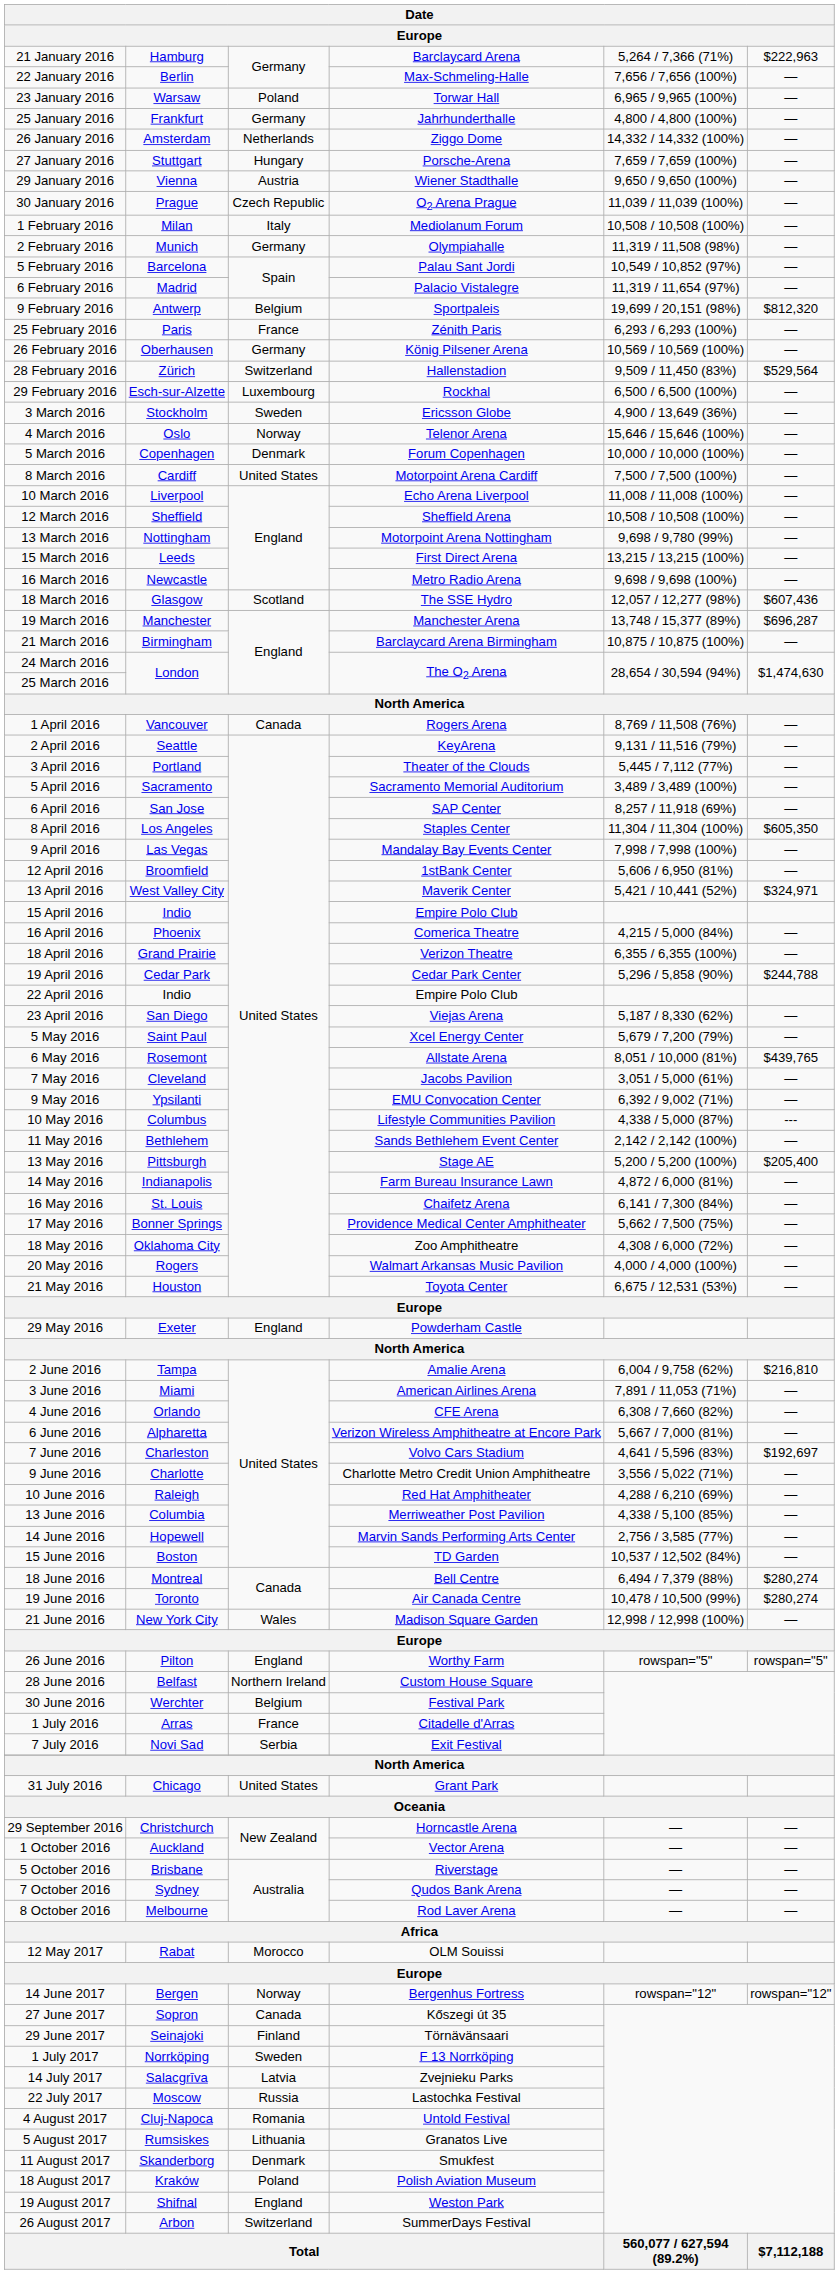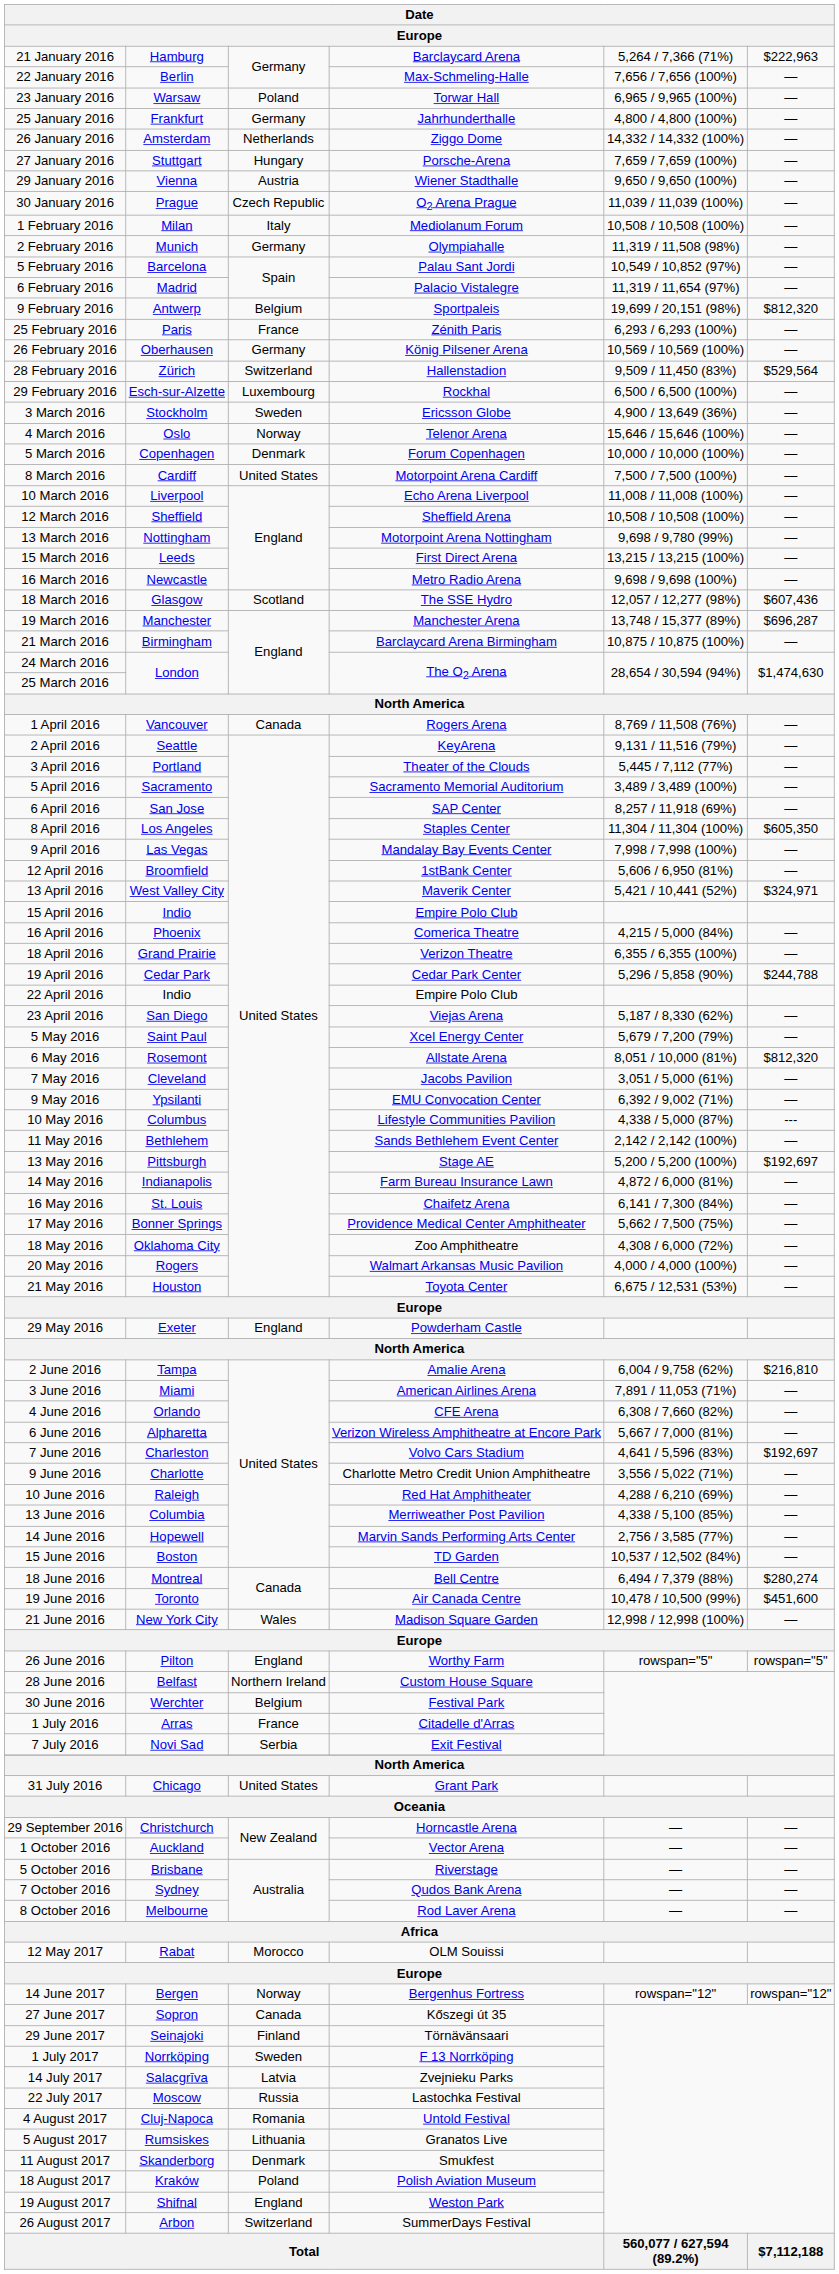 <table class="wikitable" style="text-align:center;">
 <tr>
 <th colspan="6">Date</th>
 </tr>
 <tr>
 <th colspan="6"><strong>Europe</strong></th>
 </tr>
 <tr>
 <td>21 January 2016</td>
 <td><a href='#'>Hamburg</a></td>
 <td rowspan="2">Germany</td>
 <td><a href='#'>Barclaycard Arena</a></td>
 <td>5,264 / 7,366 (71%)</td>
 <td>$222,963</td>
 </tr>
 <tr>
 <td>22 January 2016</td>
 <td><a href='#'>Berlin</a></td>
 <td><a href='#'>Max-Schmeling-Halle</a></td>
 <td>7,656 / 7,656 (100%)</td>
 <td>—</td>
 </tr>
 <tr>
 <td>23 January 2016</td>
 <td><a href='#'>Warsaw</a></td>
 <td>Poland</td>
 <td><a href='#'>Torwar Hall</a></td>
 <td>6,965 / 9,965 (100%)</td>
 <td>—</td>
 </tr>
 <tr>
 <td>25 January 2016</td>
 <td><a href='#'>Frankfurt</a></td>
 <td>Germany</td>
 <td><a href='#'>Jahrhunderthalle</a></td>
 <td>4,800 / 4,800 (100%)</td>
 <td>—</td>
 </tr>
 <tr>
 <td>26 January 2016</td>
 <td><a href='#'>Amsterdam</a></td>
 <td>Netherlands</td>
 <td><a href='#'>Ziggo Dome</a></td>
 <td>14,332 / 14,332 (100%)</td>
 <td>—</td>
 </tr>
 <tr>
 <td>27 January 2016</td>
 <td><a href='#'>Stuttgart</a></td>
 <td>Hungary</td>
 <td><a href='#'>Porsche-Arena</a></td>
 <td>7,659 / 7,659 (100%)</td>
 <td>—</td>
 </tr>
 <tr>
 <td>29 January 2016</td>
 <td><a href='#'>Vienna</a></td>
 <td>Austria</td>
 <td><a href='#'>Wiener Stadthalle</a></td>
 <td>9,650 / 9,650 (100%)</td>
 <td>—</td>
 </tr>
 <tr>
 <td>30 January 2016</td>
 <td><a href='#'>Prague</a></td>
 <td>Czech Republic</td>
 <td><a href='#'>O<sub>2</sub> Arena Prague</a></td>
 <td>11,039 / 11,039 (100%)</td>
 <td>—</td>
 </tr>
 <tr>
 <td>1 February 2016</td>
 <td><a href='#'>Milan</a></td>
 <td>Italy</td>
 <td><a href='#'>Mediolanum Forum</a></td>
 <td>10,508 / 10,508 (100%)</td>
 <td>—</td>
 </tr>
 <tr>
 <td>2 February 2016</td>
 <td><a href='#'>Munich</a></td>
 <td>Germany</td>
 <td><a href='#'>Olympiahalle</a></td>
 <td>11,319 / 11,508 (98%)</td>
 <td>—</td>
 </tr>
 <tr>
 <td>5 February 2016</td>
 <td><a href='#'>Barcelona</a></td>
 <td rowspan="2">Spain</td>
 <td><a href='#'>Palau Sant Jordi</a></td>
 <td>10,549 / 10,852 (97%)</td>
 <td>—</td>
 </tr>
 <tr>
 <td>6 February 2016</td>
 <td><a href='#'>Madrid</a></td>
 <td><a href='#'>Palacio Vistalegre</a></td>
 <td>11,319 / 11,654 (97%)</td>
 <td>—</td>
 </tr>
 <tr>
 <td>9 February 2016</td>
 <td><a href='#'>Antwerp</a></td>
 <td>Belgium</td>
 <td><a href='#'>Sportpaleis</a></td>
 <td>19,699 / 20,151 (98%)</td>
 <td>$812,320</td>
 </tr>
 <tr>
 <td>25 February 2016</td>
 <td><a href='#'>Paris</a></td>
 <td>France</td>
 <td><a href='#'>Zénith Paris</a></td>
 <td>6,293 / 6,293 (100%)</td>
 <td>—</td>
 </tr>
 <tr>
 <td>26 February 2016</td>
 <td><a href='#'>Oberhausen</a></td>
 <td>Germany</td>
 <td><a href='#'>König Pilsener Arena</a></td>
 <td>10,569 / 10,569 (100%)</td>
 <td>—</td>
 </tr>
 <tr>
 <td>28 February 2016</td>
 <td><a href='#'>Zürich</a></td>
 <td>Switzerland</td>
 <td><a href='#'>Hallenstadion</a></td>
 <td>9,509 / 11,450 (83%)</td>
 <td>$529,564</td>
 </tr>
 <tr>
 <td>29 February 2016</td>
 <td><a href='#'>Esch-sur-Alzette</a></td>
 <td>Luxembourg</td>
 <td><a href='#'>Rockhal</a></td>
 <td>6,500 / 6,500 (100%)</td>
 <td>—</td>
 </tr>
 <tr>
 <td>3 March 2016</td>
 <td><a href='#'>Stockholm</a></td>
 <td>Sweden</td>
 <td><a href='#'>Ericsson Globe</a></td>
 <td>4,900 / 13,649 (36%)</td>
 <td>—</td>
 </tr>
 <tr>
 <td>4 March 2016</td>
 <td><a href='#'>Oslo</a></td>
 <td>Norway</td>
 <td><a href='#'>Telenor Arena</a></td>
 <td>15,646 / 15,646 (100%)</td>
 <td>—</td>
 </tr>
 <tr>
 <td>5 March 2016</td>
 <td><a href='#'>Copenhagen</a></td>
 <td>Denmark</td>
 <td><a href='#'>Forum Copenhagen</a></td>
 <td>10,000 / 10,000 (100%)</td>
 <td>—</td>
 </tr>
 <tr>
 <td>8 March 2016</td>
 <td><a href='#'>Cardiff</a></td>
 <td>United States</td>
 <td><a href='#'>Motorpoint Arena Cardiff</a></td>
 <td>7,500 / 7,500 (100%)</td>
 <td>—</td>
 </tr>
 <tr>
 <td>10 March 2016</td>
 <td><a href='#'>Liverpool</a></td>
 <td rowspan="5">England</td>
 <td><a href='#'>Echo Arena Liverpool</a></td>
 <td>11,008 / 11,008 (100%)</td>
 <td>—</td>
 </tr>
 <tr>
 <td>12 March 2016</td>
 <td><a href='#'>Sheffield</a></td>
 <td><a href='#'>Sheffield Arena</a></td>
 <td>10,508 / 10,508 (100%)</td>
 <td>—</td>
 </tr>
 <tr>
 <td>13 March 2016</td>
 <td><a href='#'>Nottingham</a></td>
 <td><a href='#'>Motorpoint Arena Nottingham</a></td>
 <td>9,698 / 9,780 (99%)</td>
 <td>—</td>
 </tr>
 <tr>
 <td>15 March 2016</td>
 <td><a href='#'>Leeds</a></td>
 <td><a href='#'>First Direct Arena</a></td>
 <td>13,215 / 13,215 (100%)</td>
 <td>—</td>
 </tr>
 <tr>
 <td>16 March 2016</td>
 <td><a href='#'>Newcastle</a></td>
 <td><a href='#'>Metro Radio Arena</a></td>
 <td>9,698 / 9,698 (100%)</td>
 <td>—</td>
 </tr>
 <tr>
 <td>18 March 2016</td>
 <td><a href='#'>Glasgow</a></td>
 <td>Scotland</td>
 <td><a href='#'>The SSE Hydro</a></td>
 <td>12,057 / 12,277 (98%)</td>
 <td>$607,436</td>
 </tr>
 <tr>
 <td>19 March 2016</td>
 <td><a href='#'>Manchester</a></td>
 <td rowspan="4">England</td>
 <td><a href='#'>Manchester Arena</a></td>
 <td>13,748 / 15,377 (89%)</td>
 <td>$696,287</td>
 </tr>
 <tr>
 <td>21 March 2016</td>
 <td><a href='#'>Birmingham</a></td>
 <td><a href='#'>Barclaycard Arena Birmingham</a></td>
 <td>10,875 / 10,875 (100%)</td>
 <td>—</td>
 </tr>
 <tr>
 <td>24 March 2016</td>
 <td rowspan="2"><a href='#'>London</a></td>
 <td rowspan="2"><a href='#'>The O<sub>2</sub> Arena</a></td>
 <td rowspan="2">28,654 / 30,594 (94%)</td>
 <td rowspan="2">$1,474,630</td>
 </tr>
 <tr>
 <td>25 March 2016</td>
 </tr>
 <tr>
 <th colspan="6"><strong>North America</strong></th>
 </tr>
 <tr>
 <td>1 April 2016</td>
 <td><a href='#'>Vancouver</a></td>
 <td>Canada</td>
 <td><a href='#'>Rogers Arena</a></td>
 <td>8,769 / 11,508 (76%)</td>
 <td>—</td>
 </tr>
 <tr>
 <td>2 April 2016</td>
 <td><a href='#'>Seattle</a></td>
 <td rowspan="27">United States</td>
 <td><a href='#'>KeyArena</a></td>
 <td>9,131 / 11,516 (79%)</td>
 <td>—</td>
 </tr>
 <tr>
 <td>3 April 2016</td>
 <td><a href='#'>Portland</a></td>
 <td><a href='#'>Theater of the Clouds</a></td>
 <td>5,445 / 7,112 (77%)</td>
 <td>—</td>
 </tr>
 <tr>
 <td>5 April 2016</td>
 <td><a href='#'>Sacramento</a></td>
 <td><a href='#'>Sacramento Memorial Auditorium</a></td>
 <td>3,489 / 3,489 (100%)</td>
 <td>—</td>
 </tr>
 <tr>
 <td>6 April 2016</td>
 <td><a href='#'>San Jose</a></td>
 <td><a href='#'>SAP Center</a></td>
 <td>8,257 / 11,918 (69%)</td>
 <td>—</td>
 </tr>
 <tr>
 <td>8 April 2016</td>
 <td><a href='#'>Los Angeles</a></td>
 <td><a href='#'>Staples Center</a></td>
 <td>11,304 / 11,304 (100%)</td>
 <td>$605,350</td>
 </tr>
 <tr>
 <td>9 April 2016</td>
 <td><a href='#'>Las Vegas</a></td>
 <td><a href='#'>Mandalay Bay Events Center</a></td>
 <td>7,998 / 7,998 (100%)</td>
 <td>—</td>
 </tr>
 <tr>
 <td>12 April 2016</td>
 <td><a href='#'>Broomfield</a></td>
 <td><a href='#'>1stBank Center</a></td>
 <td>5,606 / 6,950 (81%)</td>
 <td>—</td>
 </tr>
 <tr>
 <td>13 April 2016</td>
 <td><a href='#'>West Valley City</a></td>
 <td><a href='#'>Maverik Center</a></td>
 <td>5,421 / 10,441 (52%)</td>
 <td>$324,971</td>
 </tr>
 <tr>
 <td>15 April 2016</td>
 <td><a href='#'>Indio</a></td>
 <td><a href='#'>Empire Polo Club</a></td>
 <td></td>
 <td></td>
 </tr>
 <tr>
 <td>16 April 2016</td>
 <td><a href='#'>Phoenix</a></td>
 <td><a href='#'>Comerica Theatre</a></td>
 <td>4,215 / 5,000 (84%)</td>
 <td>—</td>
 </tr>
 <tr>
 <td>18 April 2016</td>
 <td><a href='#'>Grand Prairie</a></td>
 <td><a href='#'>Verizon Theatre</a></td>
 <td>6,355 / 6,355 (100%)</td>
 <td>—</td>
 </tr>
 <tr>
 <td>19 April 2016</td>
 <td><a href='#'>Cedar Park</a></td>
 <td><a href='#'>Cedar Park Center</a></td>
 <td>5,296 / 5,858 (90%)</td>
 <td>$244,788</td>
 </tr>
 <tr>
 <td>22 April 2016</td>
 <td>Indio</td>
 <td>Empire Polo Club</td>
 <td></td>
 <td></td>
 </tr>
 <tr>
 <td>23 April 2016</td>
 <td><a href='#'>San Diego</a></td>
 <td><a href='#'>Viejas Arena</a></td>
 <td>5,187 / 8,330 (62%)</td>
 <td>—</td>
 </tr>
 <tr>
 <td>5 May 2016</td>
 <td><a href='#'>Saint Paul</a></td>
 <td><a href='#'>Xcel Energy Center</a></td>
 <td>5,679 / 7,200 (79%)</td>
 <td>—</td>
 </tr>
 <tr>
 <td>6 May 2016</td>
 <td><a href='#'>Rosemont</a></td>
 <td><a href='#'>Allstate Arena</a></td>
 <td>8,051 / 10,000 (81%)</td>
-<td>$439,765</td>
+<td>$812,320</td>
 </tr>
 <tr>
 <td>7 May 2016</td>
 <td><a href='#'>Cleveland</a></td>
 <td><a href='#'>Jacobs Pavilion</a></td>
 <td>3,051 / 5,000 (61%)</td>
 <td>—</td>
 </tr>
 <tr>
 <td>9 May 2016</td>
 <td><a href='#'>Ypsilanti</a></td>
 <td><a href='#'>EMU Convocation Center</a></td>
 <td>6,392 / 9,002 (71%)</td>
 <td>—</td>
 </tr>
 <tr>
 <td>10 May 2016</td>
 <td><a href='#'>Columbus</a></td>
 <td><a href='#'>Lifestyle Communities Pavilion</a></td>
 <td>4,338 / 5,000 (87%)</td>
 <td>---</td>
 </tr>
 <tr>
 <td>11 May 2016</td>
 <td><a href='#'>Bethlehem</a></td>
 <td><a href='#'>Sands Bethlehem Event Center</a></td>
 <td>2,142 / 2,142 (100%)</td>
 <td>—</td>
 </tr>
 <tr>
 <td>13 May 2016</td>
 <td><a href='#'>Pittsburgh</a></td>
 <td><a href='#'>Stage AE</a></td>
 <td>5,200 / 5,200 (100%)</td>
-<td>$205,400</td>
+<td>$192,697</td>
 </tr>
 <tr>
 <td>14 May 2016</td>
 <td><a href='#'>Indianapolis</a></td>
 <td><a href='#'>Farm Bureau Insurance Lawn</a></td>
 <td>4,872 / 6,000 (81%)</td>
 <td>—</td>
 </tr>
 <tr>
 <td>16 May 2016</td>
 <td><a href='#'>St. Louis</a></td>
 <td><a href='#'>Chaifetz Arena</a></td>
 <td>6,141 / 7,300 (84%)</td>
 <td>—</td>
 </tr>
 <tr>
 <td>17 May 2016</td>
 <td><a href='#'>Bonner Springs</a></td>
 <td><a href='#'>Providence Medical Center Amphitheater</a></td>
 <td>5,662 / 7,500 (75%)</td>
 <td>—</td>
 </tr>
 <tr>
 <td>18 May 2016</td>
 <td><a href='#'>Oklahoma City</a></td>
 <td>Zoo Amphitheatre</td>
 <td>4,308 / 6,000 (72%)</td>
 <td>—</td>
 </tr>
 <tr>
 <td>20 May 2016</td>
 <td><a href='#'>Rogers</a></td>
 <td><a href='#'>Walmart Arkansas Music Pavilion</a></td>
 <td>4,000 / 4,000 (100%)</td>
 <td>—</td>
 </tr>
 <tr>
 <td>21 May 2016</td>
 <td><a href='#'>Houston</a></td>
 <td><a href='#'>Toyota Center</a></td>
 <td>6,675 / 12,531 (53%)</td>
 <td>—</td>
 </tr>
 <tr>
 <th colspan="6"><strong>Europe</strong></th>
 </tr>
 <tr>
 <td>29 May 2016</td>
 <td><a href='#'>Exeter</a></td>
 <td>England</td>
 <td><a href='#'>Powderham Castle</a></td>
 <td></td>
 <td></td>
 </tr>
 <tr>
 <th colspan="6"><strong>North America</strong></th>
 </tr>
 <tr>
 <td>2 June 2016</td>
 <td><a href='#'>Tampa</a></td>
 <td rowspan="10">United States</td>
 <td><a href='#'>Amalie Arena</a></td>
 <td>6,004 / 9,758 (62%)</td>
 <td>$216,810</td>
 </tr>
 <tr>
 <td>3 June 2016</td>
 <td><a href='#'>Miami</a></td>
 <td><a href='#'>American Airlines Arena</a></td>
 <td>7,891 / 11,053 (71%)</td>
 <td>—</td>
 </tr>
 <tr>
 <td>4 June 2016</td>
 <td><a href='#'>Orlando</a></td>
 <td><a href='#'>CFE Arena</a></td>
 <td>6,308 / 7,660 (82%)</td>
 <td>—</td>
 </tr>
 <tr>
 <td>6 June 2016</td>
 <td><a href='#'>Alpharetta</a></td>
 <td><a href='#'>Verizon Wireless Amphitheatre at Encore Park</a></td>
 <td>5,667 / 7,000 (81%)</td>
 <td>—</td>
 </tr>
 <tr>
 <td>7 June 2016</td>
 <td><a href='#'>Charleston</a></td>
 <td><a href='#'>Volvo Cars Stadium</a></td>
 <td>4,641 / 5,596 (83%)</td>
 <td>$192,697</td>
 </tr>
 <tr>
 <td>9 June 2016</td>
 <td><a href='#'>Charlotte</a></td>
 <td>Charlotte Metro Credit Union Amphitheatre</td>
 <td>3,556 / 5,022 (71%)</td>
 <td>—</td>
 </tr>
 <tr>
 <td>10 June 2016</td>
 <td><a href='#'>Raleigh</a></td>
 <td><a href='#'>Red Hat Amphitheater</a></td>
 <td>4,288 / 6,210 (69%)</td>
 <td>—</td>
 </tr>
 <tr>
 <td>13 June 2016</td>
 <td><a href='#'>Columbia</a></td>
 <td><a href='#'>Merriweather Post Pavilion</a></td>
 <td>4,338 / 5,100 (85%)</td>
 <td>—</td>
 </tr>
 <tr>
 <td>14 June 2016</td>
 <td><a href='#'>Hopewell</a></td>
 <td><a href='#'>Marvin Sands Performing Arts Center</a></td>
 <td>2,756 / 3,585 (77%)</td>
 <td>—</td>
 </tr>
 <tr>
 <td>15 June 2016</td>
 <td><a href='#'>Boston</a></td>
 <td><a href='#'>TD Garden</a></td>
 <td>10,537 / 12,502 (84%)</td>
 <td>—</td>
 </tr>
 <tr>
 <td>18 June 2016</td>
 <td><a href='#'>Montreal</a></td>
 <td rowspan="2">Canada</td>
 <td><a href='#'>Bell Centre</a></td>
 <td>6,494 / 7,379 (88%)</td>
 <td>$280,274</td>
 </tr>
 <tr>
 <td>19 June 2016</td>
 <td><a href='#'>Toronto</a></td>
 <td><a href='#'>Air Canada Centre</a></td>
 <td>10,478 / 10,500 (99%)</td>
-<td>$280,274</td>
+<td>$451,600</td>
 </tr>
 <tr>
 <td>21 June 2016</td>
 <td><a href='#'>New York City</a></td>
 <td>Wales</td>
 <td><a href='#'>Madison Square Garden</a></td>
 <td>12,998 / 12,998 (100%)</td>
 <td>—</td>
 </tr>
 <tr>
 <th colspan="6"><strong>Europe</strong></th>
 </tr>
 <tr>
 <td>26 June 2016</td>
 <td><a href='#'>Pilton</a></td>
 <td>England</td>
 <td><a href='#'>Worthy Farm</a></td>
 <td>rowspan="5" </td>
 <td>rowspan="5" </td>
 </tr>
 <tr>
 <td>28 June 2016</td>
 <td><a href='#'>Belfast</a></td>
 <td>Northern Ireland</td>
 <td><a href='#'>Custom House Square</a></td>
 </tr>
 <tr>
 <td>30 June 2016</td>
 <td><a href='#'>Werchter</a></td>
 <td>Belgium</td>
 <td><a href='#'>Festival Park</a></td>
 </tr>
 <tr>
 <td>1 July 2016</td>
 <td><a href='#'>Arras</a></td>
 <td>France</td>
 <td><a href='#'>Citadelle d'Arras</a></td>
 </tr>
 <tr>
 <td>7 July 2016</td>
 <td><a href='#'>Novi Sad</a></td>
 <td>Serbia</td>
 <td><a href='#'>Exit Festival</a></td>
 </tr>
 <tr>
 </tr>
 <tr>
 <th colspan="6"><strong>North America</strong></th>
 </tr>
 <tr>
 <td>31 July 2016</td>
 <td><a href='#'>Chicago</a></td>
 <td>United States</td>
 <td><a href='#'>Grant Park</a></td>
 <td></td>
 <td></td>
 </tr>
 <tr>
 <th colspan="6"><strong>Oceania</strong></th>
 </tr>
 <tr>
 <td>29 September 2016</td>
 <td><a href='#'>Christchurch</a></td>
 <td rowspan="2">New Zealand</td>
 <td><a href='#'>Horncastle Arena</a></td>
 <td>—</td>
 <td>—</td>
 </tr>
 <tr>
 <td>1 October 2016</td>
 <td><a href='#'>Auckland</a></td>
 <td><a href='#'>Vector Arena</a></td>
 <td>—</td>
 <td>—</td>
 </tr>
 <tr>
 <td>5 October 2016</td>
 <td><a href='#'>Brisbane</a></td>
 <td rowspan="3">Australia</td>
 <td><a href='#'>Riverstage</a></td>
 <td>—</td>
 <td>—</td>
 </tr>
 <tr>
 <td>7 October 2016</td>
 <td><a href='#'>Sydney</a></td>
 <td><a href='#'>Qudos Bank Arena</a></td>
 <td>—</td>
 <td>—</td>
 </tr>
 <tr>
 <td>8 October 2016</td>
 <td><a href='#'>Melbourne</a></td>
 <td><a href='#'>Rod Laver Arena</a></td>
 <td>—</td>
 <td>—</td>
 </tr>
 <tr>
 <th colspan="6">Africa</th>
 </tr>
 <tr>
 <td>12 May 2017</td>
 <td><a href='#'>Rabat</a></td>
 <td>Morocco</td>
 <td>OLM Souissi</td>
 <td></td>
 <td></td>
 </tr>
 <tr>
 <th colspan="7">Europe</th>
 </tr>
 <tr>
 <td>14 June 2017</td>
 <td><a href='#'>Bergen</a></td>
 <td>Norway</td>
 <td><a href='#'>Bergenhus Fortress</a></td>
 <td>rowspan="12" </td>
 <td>rowspan="12" </td>
 </tr>
 <tr>
 <td>27 June 2017</td>
 <td><a href='#'>Sopron</a></td>
 <td>Canada</td>
 <td>Kőszegi út 35</td>
 </tr>
 <tr>
 <td>29 June 2017</td>
 <td><a href='#'>Seinajoki</a></td>
 <td>Finland</td>
 <td>Törnävänsaari</td>
 </tr>
 <tr>
 <td>1 July 2017</td>
 <td><a href='#'>Norrköping</a></td>
 <td>Sweden</td>
 <td><a href='#'>F 13 Norrköping</a></td>
 </tr>
 <tr>
 <td>14 July 2017</td>
 <td><a href='#'>Salacgrīva</a></td>
 <td>Latvia</td>
 <td>Zvejnieku Parks</td>
 </tr>
 <tr>
 <td>22 July 2017</td>
 <td><a href='#'>Moscow</a></td>
 <td>Russia</td>
 <td>Lastochka Festival</td>
 </tr>
 <tr>
 <td>4 August 2017</td>
 <td><a href='#'>Cluj-Napoca</a></td>
 <td>Romania</td>
 <td><a href='#'>Untold Festival</a></td>
 </tr>
 <tr>
 <td>5 August 2017</td>
 <td><a href='#'>Rumsiskes</a></td>
 <td>Lithuania</td>
 <td>Granatos Live</td>
 </tr>
 <tr>
 <td>11 August 2017</td>
 <td><a href='#'>Skanderborg</a></td>
 <td>Denmark</td>
 <td>Smukfest</td>
 </tr>
 <tr>
 <td>18 August 2017</td>
 <td><a href='#'>Kraków</a></td>
 <td>Poland</td>
 <td><a href='#'>Polish Aviation Museum</a></td>
 </tr>
 <tr>
 <td>19 August 2017</td>
 <td><a href='#'>Shifnal</a></td>
 <td>England</td>
 <td><a href='#'>Weston Park</a></td>
 </tr>
 <tr>
 <td>26 August 2017</td>
 <td><a href='#'>Arbon</a></td>
 <td>Switzerland</td>
 <td>SummerDays Festival</td>
 </tr>
 <tr>
 <th Colspan="4">Total</th>
 <th><strong>560,077 / 627,594</strong><br>(89.2%)</th>
 <th>$7,112,188</th>
 </tr>
 </table>
